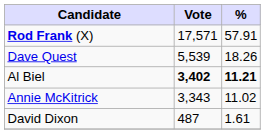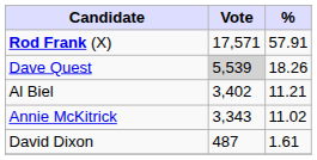 <table class="wikitable">
 <tr>
 <th style="background:#ddf; width:200px;">Candidate</th>
 <th style="background:#ddf; width:50px;">Vote</th>
 <th style="background:#ddf; width:30px;">%</th>
 </tr>
 <tr>
 <td><strong><a href='#'>Rod Frank</a></strong> (X)</td>
 <td>17,571</td>
 <td>57.91</td>
 </tr>
 <tr>
 <td><a href='#'>Dave Quest</a></td>
-<td>5,539</td>
+<td style="background: lightgrey;">5,539</td>
 <td>18.26</td>
 </tr>
 <tr>
 <td>Al Biel</td>
-<td><strong>3,402</strong></td>
-<td><strong>11.21</strong></td>
+<td>3,402</td>
+<td>11.21</td>
 </tr>
 <tr>
 <td><a href='#'>Annie McKitrick</a></td>
 <td>3,343</td>
 <td>11.02</td>
 </tr>
 <tr>
 <td>David Dixon</td>
 <td>487</td>
 <td>1.61</td>
 </tr>
 <tr>
 </tr>
 </table>
